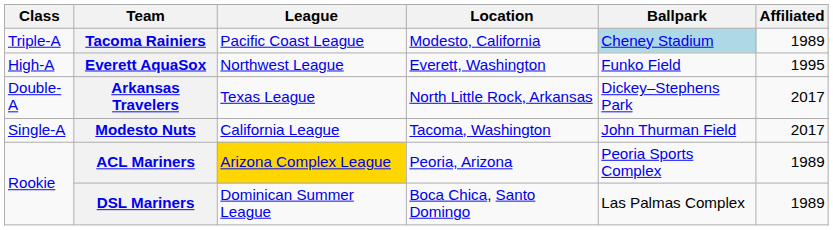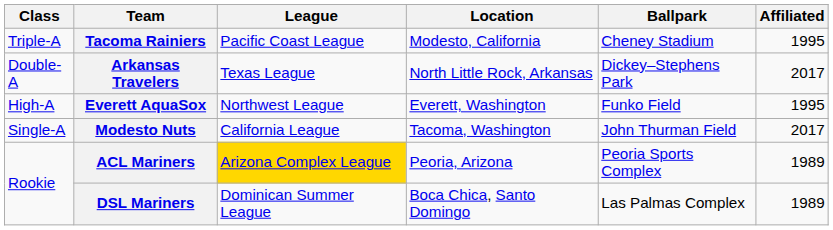 <table class="wikitable plainrowheaders sortable">
 <tr>
 <th scope="col">Class</th>
 <th scope="col">Team</th>
 <th scope="col">League</th>
 <th scope="col">Location</th>
 <th scope="col">Ballpark</th>
 <th scope="col">Affiliated</th>
 </tr>
 <tr>
 <td><a href='#'>Triple-A</a></td>
 <th scope="row"><a href='#'>Tacoma Rainiers</a></th>
 <td><a href='#'>Pacific Coast League</a></td>
 <td><a href='#'>Modesto, California</a></td>
-<td style="background: lightblue;"><a href='#'>Cheney Stadium</a></td>
-<td align="right">1989</td>
-</tr>
-<tr>
-<td><a href='#'>High-A</a></td>
-<th scope="row"><a href='#'>Everett AquaSox</a></th>
-<td><a href='#'>Northwest League</a></td>
-<td><a href='#'>Everett, Washington</a></td>
-<td><a href='#'>Funko Field</a></td>
+<td><a href='#'>Cheney Stadium</a></td>
 <td align="right">1995</td>
 </tr>
 <tr>
 <td><a href='#'>Double-A</a></td>
 <th scope="row"><a href='#'>Arkansas Travelers</a></th>
 <td><a href='#'>Texas League</a></td>
 <td><a href='#'>North Little Rock, Arkansas</a></td>
 <td><a href='#'>Dickey–Stephens Park</a></td>
 <td align="right">2017</td>
+</tr>
+<tr>
+<td><a href='#'>High-A</a></td>
+<th scope="row"><a href='#'>Everett AquaSox</a></th>
+<td><a href='#'>Northwest League</a></td>
+<td><a href='#'>Everett, Washington</a></td>
+<td><a href='#'>Funko Field</a></td>
+<td align="right">1995</td>
 </tr>
 <tr>
 <td><a href='#'>Single-A</a></td>
 <th scope="row"><a href='#'>Modesto Nuts</a></th>
 <td><a href='#'>California League</a></td>
 <td><a href='#'>Tacoma, Washington</a></td>
 <td><a href='#'>John Thurman Field</a></td>
 <td align="right">2017</td>
 </tr>
 <tr>
 <td rowspan=2><a href='#'>Rookie</a></td>
 <th scope="row"><a href='#'>ACL Mariners</a></th>
 <td style="background: gold;"><a href='#'>Arizona Complex League</a></td>
 <td><a href='#'>Peoria, Arizona</a></td>
 <td><a href='#'>Peoria Sports Complex</a></td>
 <td align="right">1989</td>
 </tr>
 <tr>
 <th scope="row"><a href='#'>DSL Mariners</a></th>
 <td><a href='#'>Dominican Summer League</a></td>
 <td><a href='#'>Boca Chica</a>, <a href='#'>Santo Domingo</a></td>
 <td>Las Palmas Complex</td>
 <td align="right">1989</td>
 </tr>
 </table>
